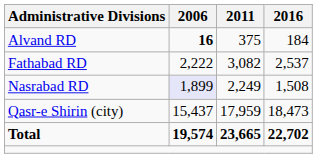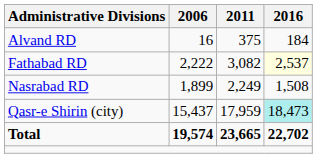 <table class="wikitable">
 <tr>
 <th>Administrative Divisions</th>
 <th>2006</th>
 <th>2011</th>
 <th>2016</th>
 </tr>
 <tr>
 <td><a href='#'>Alvand RD</a></td>
-<td style="text-align: right;"><strong>16</strong></td>
+<td style="text-align: right;">16</td>
 <td style="text-align: right;">375</td>
 <td style="text-align: right;">184</td>
 </tr>
 <tr>
 <td><a href='#'>Fathabad RD</a></td>
 <td style="text-align: right;">2,222</td>
 <td style="text-align: right;">3,082</td>
-<td style="text-align: right;">2,537</td>
+<td style="background: lightyellow; text-align: right;">2,537</td>
 </tr>
 <tr>
 <td><a href='#'>Nasrabad RD</a></td>
-<td style="background: lavender; text-align: right;">1,899</td>
+<td style="text-align: right;">1,899</td>
 <td style="text-align: right;">2,249</td>
 <td style="text-align: right;">1,508</td>
 </tr>
 <tr>
 <td><a href='#'>Qasr-e Shirin</a> (city)</td>
 <td style="text-align: right;">15,437</td>
 <td style="text-align: right;">17,959</td>
-<td style="text-align: right;">18,473</td>
+<td style="background: paleturquoise; text-align: right;">18,473</td>
 </tr>
 <tr>
 <td><strong>Total</strong></td>
 <td style="text-align: right;"><strong>19,574</strong></td>
 <td style="text-align: right;"><strong>23,665</strong></td>
 <td style="text-align: right;"><strong>22,702</strong></td>
 </tr>
 <tr>
 <td colspan=4></td>
 </tr>
 </table>
